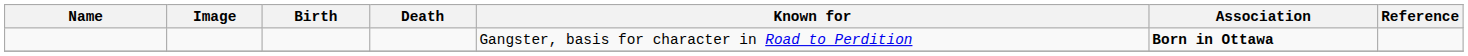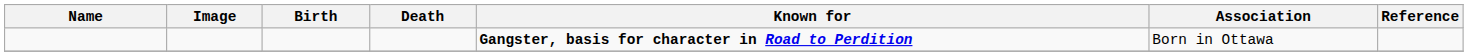 <table class="wikitable sortable">
 <tr>
 <th scope="col" width="140">Name</th>
 <th scope="col" width="80" class="unsortable">Image</th>
 <th scope="col" width="90">Birth</th>
 <th scope="col" width="90">Death</th>
 <th scope="col" width="600" class="unsortable">Known for</th>
 <th scope="col" width="200" class="unsortable">Association</th>
 <th scope="col" width="30" class="unsortable">Reference</th>
 </tr>
 <tr>
 <td></td>
 <td></td>
 <td align=right></td>
 <td align=right></td>
-<td>Gangster, basis for character in <em><a href='#'>Road to Perdition</a></em></td>
-<td><strong>Born in Ottawa</strong></td>
+<td><strong>Gangster, basis for character in <em><a href='#'>Road to Perdition</a></em></strong></td>
+<td>Born in Ottawa</td>
 <td align="center"></td>
 </tr>
 <tr>
 </tr>
 </table>
